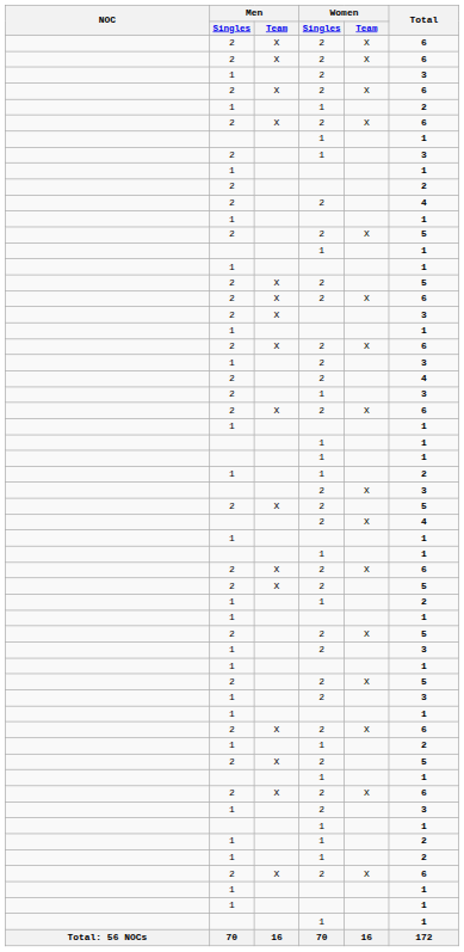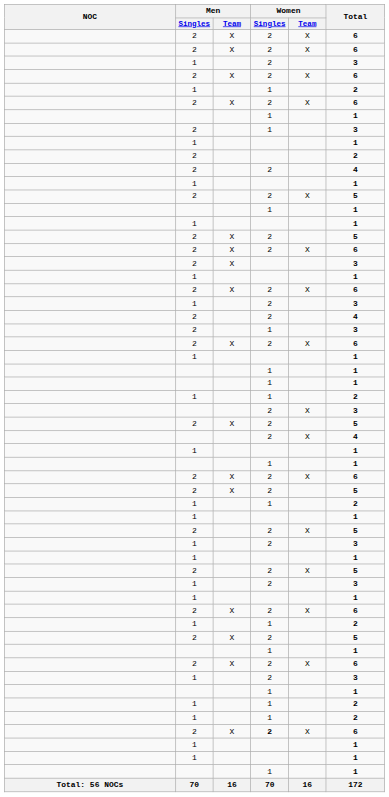 <table class="wikitable" width=560 style="text-align:center; font-size:90%">
 <tr>
 <th rowspan="2" style="text-align:center;">NOC</th>
 <th colspan="2">Men</th>
 <th colspan="2">Women</th>
 <th rowspan="2" width=80>Total</th>
 </tr>
 <tr style="font-size:95%">
 <th width=50><a href='#'>Singles</a></th>
 <th width=50><a href='#'>Team</a></th>
 <th width=50><a href='#'>Singles</a></th>
 <th width=50><a href='#'>Team</a></th>
 </tr>
 <tr>
 <td style="text-align:left;"></td>
 <td>2</td>
 <td>X</td>
 <td>2</td>
 <td>X</td>
 <td><strong>6</strong></td>
 </tr>
 <tr>
 <td style="text-align:left;"></td>
 <td>2</td>
 <td>X</td>
 <td>2</td>
 <td>X</td>
 <td><strong>6</strong></td>
 </tr>
 <tr>
 <td style="text-align:left;"></td>
 <td>1</td>
 <td></td>
 <td>2</td>
 <td></td>
 <td><strong>3</strong></td>
 </tr>
 <tr>
 <td style="text-align:left;"></td>
 <td>2</td>
 <td>X</td>
 <td>2</td>
 <td>X</td>
 <td><strong>6</strong></td>
 </tr>
 <tr>
 <td style="text-align:left;"></td>
 <td>1</td>
 <td></td>
 <td>1</td>
 <td></td>
 <td><strong>2</strong></td>
 </tr>
 <tr>
 <td style="text-align:left;"></td>
 <td>2</td>
 <td>X</td>
 <td>2</td>
 <td>X</td>
 <td><strong>6</strong></td>
 </tr>
 <tr>
 <td style="text-align:left;"></td>
 <td></td>
 <td></td>
 <td>1</td>
 <td></td>
 <td><strong>1</strong></td>
 </tr>
 <tr>
 <td style="text-align:left;"></td>
 <td>2</td>
 <td></td>
 <td>1</td>
 <td></td>
 <td><strong>3</strong></td>
 </tr>
 <tr>
 <td style="text-align:left;"></td>
 <td>1</td>
 <td></td>
 <td></td>
 <td></td>
 <td><strong>1</strong></td>
 </tr>
 <tr>
 <td style="text-align:left;"></td>
 <td>2</td>
 <td></td>
 <td></td>
 <td></td>
 <td><strong>2</strong></td>
 </tr>
 <tr>
 <td style="text-align:left;"></td>
 <td>2</td>
 <td></td>
 <td>2</td>
 <td></td>
 <td><strong>4</strong></td>
 </tr>
 <tr>
 <td style="text-align:left;"></td>
 <td>1</td>
 <td></td>
 <td></td>
 <td></td>
 <td><strong>1</strong></td>
 </tr>
 <tr>
 <td style="text-align:left;"></td>
 <td>2</td>
 <td></td>
 <td>2</td>
 <td>X</td>
 <td><strong>5</strong></td>
 </tr>
 <tr>
 <td style="text-align:left;"></td>
 <td></td>
 <td></td>
 <td>1</td>
 <td></td>
 <td><strong>1</strong></td>
 </tr>
 <tr>
 <td style="text-align:left;"></td>
 <td>1</td>
 <td></td>
 <td></td>
 <td></td>
 <td><strong>1</strong></td>
 </tr>
 <tr>
 <td style="text-align:left;"></td>
 <td>2</td>
 <td>X</td>
 <td>2</td>
 <td></td>
 <td><strong>5</strong></td>
 </tr>
 <tr>
 <td style="text-align:left;"></td>
 <td>2</td>
 <td>X</td>
 <td>2</td>
 <td>X</td>
 <td><strong>6</strong></td>
 </tr>
 <tr>
 <td style="text-align:left;"></td>
 <td>2</td>
 <td>X</td>
 <td></td>
 <td></td>
 <td><strong>3</strong></td>
 </tr>
 <tr>
 <td style="text-align:left;"></td>
 <td>1</td>
 <td></td>
 <td></td>
 <td></td>
 <td><strong>1</strong></td>
 </tr>
 <tr>
 <td style="text-align:left;"></td>
 <td>2</td>
 <td>X</td>
 <td>2</td>
 <td>X</td>
 <td><strong>6</strong></td>
 </tr>
 <tr>
 <td style="text-align:left;"></td>
 <td>1</td>
 <td></td>
 <td>2</td>
 <td></td>
 <td><strong>3</strong></td>
 </tr>
 <tr>
 <td style="text-align:left;"></td>
 <td>2</td>
 <td></td>
 <td>2</td>
 <td></td>
 <td><strong>4</strong></td>
 </tr>
 <tr>
 <td style="text-align:left;"></td>
 <td>2</td>
 <td></td>
 <td>1</td>
 <td></td>
 <td><strong>3</strong></td>
 </tr>
 <tr>
 <td style="text-align:left;"></td>
 <td>2</td>
 <td>X</td>
 <td>2</td>
 <td>X</td>
 <td><strong>6</strong></td>
 </tr>
 <tr>
 <td style="text-align:left;"></td>
 <td>1</td>
 <td></td>
 <td></td>
 <td></td>
 <td><strong>1</strong></td>
 </tr>
 <tr>
 <td style="text-align:left;"></td>
 <td></td>
 <td></td>
 <td>1</td>
 <td></td>
 <td><strong>1</strong></td>
 </tr>
 <tr>
 <td style="text-align:left;"></td>
 <td></td>
 <td></td>
 <td>1</td>
 <td></td>
 <td><strong>1</strong></td>
 </tr>
 <tr>
 <td style="text-align:left;"></td>
 <td>1</td>
 <td></td>
 <td>1</td>
 <td></td>
 <td><strong>2</strong></td>
 </tr>
 <tr>
 <td style="text-align:left;"></td>
 <td></td>
 <td></td>
 <td>2</td>
 <td>X</td>
 <td><strong>3</strong></td>
 </tr>
 <tr>
 <td style="text-align:left;"></td>
 <td>2</td>
 <td>X</td>
 <td>2</td>
 <td></td>
 <td><strong>5</strong></td>
 </tr>
 <tr>
 <td style="text-align:left;"></td>
 <td></td>
 <td></td>
 <td>2</td>
 <td>X</td>
 <td><strong>4</strong></td>
 </tr>
 <tr>
 <td style="text-align:left;"></td>
 <td>1</td>
 <td></td>
 <td></td>
 <td></td>
 <td><strong>1</strong></td>
 </tr>
 <tr>
 <td style="text-align:left;"></td>
 <td></td>
 <td></td>
 <td>1</td>
 <td></td>
 <td><strong>1</strong></td>
 </tr>
 <tr>
 <td style="text-align:left;"></td>
 <td>2</td>
 <td>X</td>
 <td>2</td>
 <td>X</td>
 <td><strong>6</strong></td>
 </tr>
 <tr>
 <td style="text-align:left;"></td>
 <td>2</td>
 <td>X</td>
 <td>2</td>
 <td></td>
 <td><strong>5</strong></td>
 </tr>
 <tr>
 <td style="text-align:left;"></td>
 <td>1</td>
 <td></td>
 <td>1</td>
 <td></td>
 <td><strong>2</strong></td>
 </tr>
 <tr>
 <td style="text-align:left;"></td>
 <td>1</td>
 <td></td>
 <td></td>
 <td></td>
 <td><strong>1</strong></td>
 </tr>
 <tr>
 <td style="text-align:left;"></td>
 <td>2</td>
 <td></td>
 <td>2</td>
 <td>X</td>
 <td><strong>5</strong></td>
 </tr>
 <tr>
 <td style="text-align:left;"></td>
 <td>1</td>
 <td></td>
 <td>2</td>
 <td></td>
 <td><strong>3</strong></td>
 </tr>
 <tr>
 <td style="text-align:left;"></td>
 <td>1</td>
 <td></td>
 <td></td>
 <td></td>
 <td><strong>1</strong></td>
 </tr>
 <tr>
 <td style="text-align:left;"></td>
 <td>2</td>
 <td></td>
 <td>2</td>
 <td>X</td>
 <td><strong>5</strong></td>
 </tr>
 <tr>
 <td style="text-align:left;"></td>
 <td>1</td>
 <td></td>
 <td>2</td>
 <td></td>
 <td><strong>3</strong></td>
 </tr>
 <tr>
 <td style="text-align:left;"></td>
 <td>1</td>
 <td></td>
 <td></td>
 <td></td>
 <td><strong>1</strong></td>
 </tr>
 <tr>
 <td style="text-align:left;"></td>
 <td>2</td>
 <td>X</td>
 <td>2</td>
 <td>X</td>
 <td><strong>6</strong></td>
 </tr>
 <tr>
 <td style="text-align:left;"></td>
 <td>1</td>
 <td></td>
 <td>1</td>
 <td></td>
 <td><strong>2</strong></td>
 </tr>
 <tr>
 <td style="text-align:left;"></td>
 <td>2</td>
 <td>X</td>
 <td>2</td>
 <td></td>
 <td><strong>5</strong></td>
 </tr>
 <tr>
 <td style="text-align:left;"></td>
 <td></td>
 <td></td>
 <td>1</td>
 <td></td>
 <td><strong>1</strong></td>
 </tr>
 <tr>
 <td style="text-align:left;"></td>
 <td>2</td>
 <td>X</td>
 <td>2</td>
 <td>X</td>
 <td><strong>6</strong></td>
 </tr>
 <tr>
 <td style="text-align:left;"></td>
 <td>1</td>
 <td></td>
 <td>2</td>
 <td></td>
 <td><strong>3</strong></td>
 </tr>
 <tr>
 <td style="text-align:left;"></td>
 <td></td>
 <td></td>
 <td>1</td>
 <td></td>
 <td><strong>1</strong></td>
 </tr>
 <tr>
 <td style="text-align:left;"></td>
 <td>1</td>
 <td></td>
 <td>1</td>
 <td></td>
 <td><strong>2</strong></td>
 </tr>
 <tr>
 <td style="text-align:left;"></td>
 <td>1</td>
 <td></td>
 <td>1</td>
 <td></td>
 <td><strong>2</strong></td>
 </tr>
 <tr>
 <td style="text-align:left;"></td>
 <td>2</td>
 <td>X</td>
-<td>2</td>
+<td><strong>2</strong></td>
 <td>X</td>
 <td><strong>6</strong></td>
 </tr>
 <tr>
 <td style="text-align:left;"></td>
 <td>1</td>
 <td></td>
 <td></td>
 <td></td>
 <td><strong>1</strong></td>
 </tr>
 <tr>
 <td style="text-align:left;"></td>
 <td>1</td>
 <td></td>
 <td></td>
 <td></td>
 <td><strong>1</strong></td>
 </tr>
 <tr>
 <td style="text-align:left;"></td>
 <td></td>
 <td></td>
 <td>1</td>
 <td></td>
 <td><strong>1</strong></td>
 </tr>
 <tr>
 <th>Total: 56 NOCs</th>
 <th>70</th>
 <th>16</th>
 <th>70</th>
 <th>16</th>
 <th>172</th>
 </tr>
 </table>
